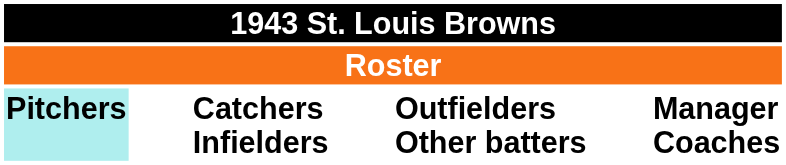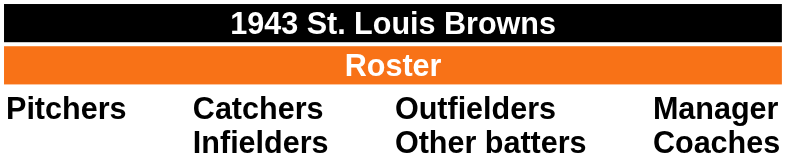 <table class="toccolours" style="font-size: 95%;">
 <tr>
 <th colspan="10" style="background-color: black; color: white; text-align: center;">1943 St. Louis Browns</th>
 </tr>
 <tr>
 <td colspan="10" style="background-color: #F87217; color: white; text-align: center;"><strong>Roster</strong></td>
 </tr>
 <tr>
-<td valign="top" style="background: paleturquoise;"><strong>Pitchers</strong><br>                 </td>
+<td valign="top"><strong>Pitchers</strong><br>                 </td>
 <td width="25px"></td>
 <td valign="top"><strong>Catchers</strong><br>   <strong>Infielders</strong>        </td>
 <td width="25px"></td>
 <td valign="top"><strong>Outfielders</strong><br>       <strong>Other batters</strong> </td>
 <td width="25px"></td>
 <td valign="top"><strong>Manager</strong><br> <strong>Coaches</strong>  </td>
 </tr>
 <tr>
 </tr>
 </table>
